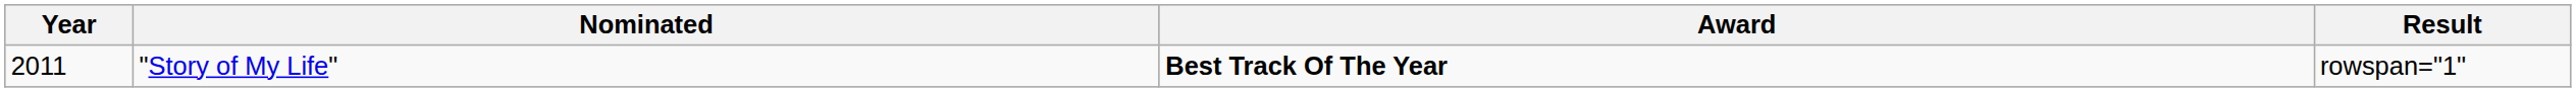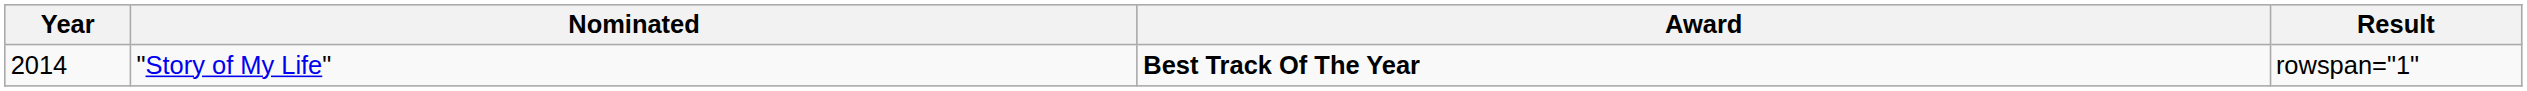 <table class="wikitable" style="width:100%;">
 <tr>
 <th width=5%>Year</th>
 <th style="width:40%;">Nominated</th>
 <th style="width:45%;">Award</th>
 <th style="width:10%;">Result</th>
 </tr>
 <tr>
-<td>2011</td>
+<td>2014</td>
 <td>"<a href='#'>Story of My Life</a>"</td>
 <td><strong>Best Track Of The Year</strong></td>
 <td>rowspan="1" </td>
 </tr>
 </table>
